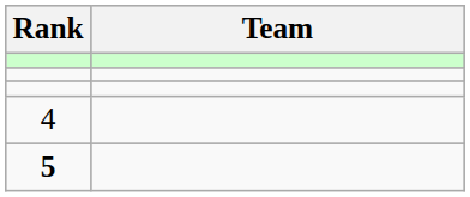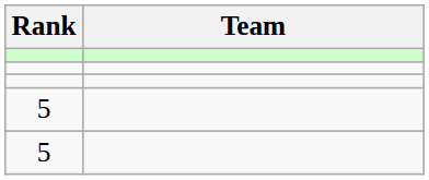 <table class="wikitable">
 <tr>
 <th>Rank</th>
 <th width=190>Team</th>
 </tr>
 <tr bgcolor=#CCFFCC>
 <td align=center></td>
 <td></td>
 </tr>
 <tr>
 <td align=center></td>
 <td></td>
 </tr>
 <tr>
 <td align=center></td>
 <td></td>
 </tr>
 <tr>
-<td align=center>4</td>
+<td align=center>5</td>
 <td></td>
 </tr>
 <tr>
-<td align=center><strong>5</strong></td>
+<td align=center>5</td>
 <td></td>
 </tr>
 </table>
